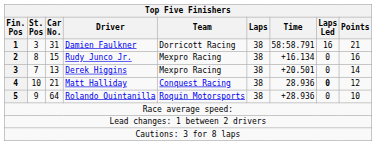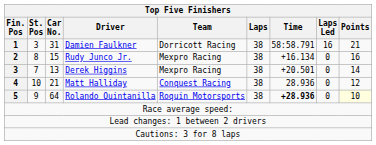 <table class="wikitable" style="font-size:95%;">
 <tr>
 <th colspan=9>Top Five Finishers</th>
 </tr>
 <tr>
 <th>Fin.<br>Pos</th>
 <th>St.<br>Pos</th>
 <th>Car<br>No.</th>
 <th>Driver</th>
 <th>Team</th>
 <th>Laps</th>
 <th>Time</th>
 <th>Laps<br>Led</th>
 <th>Points</th>
 </tr>
 <tr>
 <th>1</th>
 <td align=center>3</td>
 <td align=center>31</td>
 <td> <a href='#'>Damien Faulkner</a></td>
 <td>Dorricott Racing</td>
 <td align=center>38</td>
 <td align=right>58:58.791</td>
 <td align=center>16</td>
 <td align=center>21</td>
 </tr>
 <tr>
 <th>2</th>
 <td align=center>8</td>
 <td align=center>15</td>
 <td> <a href='#'>Rudy Junco Jr.</a></td>
 <td>Mexpro Racing</td>
 <td align=center>38</td>
 <td align=right>+16.134</td>
 <td align=center>0</td>
 <td align=center>16</td>
 </tr>
 <tr>
 <th>3</th>
 <td align=center>7</td>
 <td align=center>13</td>
 <td> <a href='#'>Derek Higgins</a></td>
 <td>Mexpro Racing</td>
 <td align=center>38</td>
 <td align=right>+20.501</td>
 <td align=center>0</td>
 <td align=center>14</td>
 </tr>
 <tr>
 <th>4</th>
 <td align=center>10</td>
 <td align=center>21</td>
 <td> <a href='#'>Matt Halliday</a></td>
 <td><a href='#'>Conquest Racing</a></td>
 <td align=center>38</td>
 <td align=right>28.936</td>
-<td align=center><strong>0</strong></td>
+<td align=center>0</td>
 <td align=center>12</td>
 </tr>
 <tr>
 <th>5</th>
 <td align=center>9</td>
 <td align=center>64</td>
 <td> <a href='#'>Rolando Quintanilla</a></td>
 <td><a href='#'>Roquin Motorsports</a></td>
 <td align=center>38</td>
-<td align=right>+28.936</td>
+<td align=right><strong>+28.936</strong></td>
 <td align=center>0</td>
-<td align=center>10</td>
+<td align=center style="background: lightyellow;">10</td>
 </tr>
 <tr>
 <td align=center colspan=9>Race average speed: </td>
 </tr>
 <tr>
 <td align=center colspan=9>Lead changes: 1 between 2 drivers</td>
 </tr>
 <tr>
 <td align=center colspan=9>Cautions: 3 for 8 laps</td>
 </tr>
 </table>
